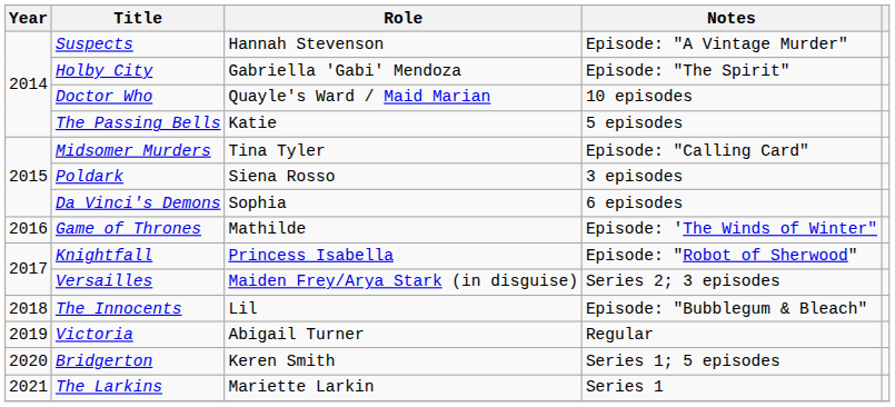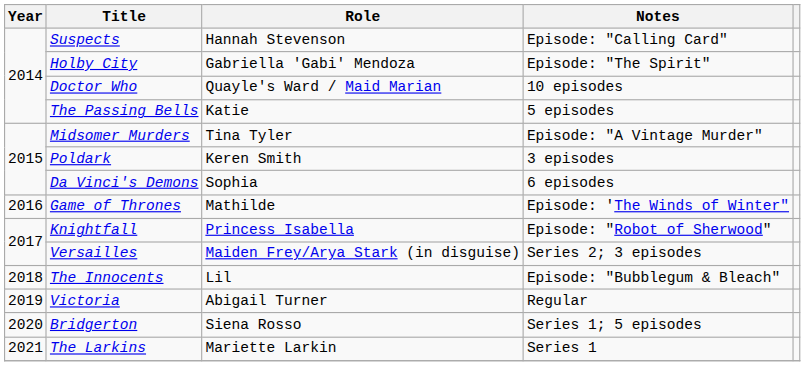 <table class="wikitable sortable">
 <tr>
 <th>Year</th>
 <th>Title</th>
 <th>Role</th>
 <th>Notes</th>
 <th></th>
 </tr>
 <tr>
 <td rowspan="4">2014</td>
 <td><em><a href='#'>Suspects</a></em></td>
 <td>Hannah Stevenson</td>
-<td>Episode: "A Vintage Murder"</td>
+<td>Episode: "Calling Card"</td>
 <td></td>
 </tr>
 <tr>
 <td><em><a href='#'>Holby City</a></em></td>
 <td>Gabriella 'Gabi' Mendoza</td>
 <td>Episode: "The Spirit"</td>
 <td></td>
 </tr>
 <tr>
 <td><em><a href='#'>Doctor Who</a></em></td>
 <td>Quayle's Ward / <a href='#'>Maid Marian</a></td>
 <td>10 episodes</td>
 <td></td>
 </tr>
 <tr>
 <td><em><a href='#'>The Passing Bells</a></em></td>
 <td>Katie</td>
 <td>5 episodes</td>
 <td></td>
 </tr>
 <tr>
 <td rowspan="3">2015</td>
 <td><em><a href='#'>Midsomer Murders</a></em></td>
 <td>Tina Tyler</td>
-<td>Episode: "Calling Card"</td>
+<td>Episode: "A Vintage Murder"</td>
 <td></td>
 </tr>
 <tr>
 <td><em><a href='#'>Poldark</a></em></td>
-<td>Siena Rosso</td>
+<td>Keren Smith</td>
 <td>3 episodes</td>
 <td></td>
 </tr>
 <tr>
 <td><em><a href='#'>Da Vinci's Demons</a></em></td>
 <td>Sophia</td>
 <td>6 episodes</td>
 <td></td>
 </tr>
 <tr>
 <td>2016</td>
 <td><em><a href='#'>Game of Thrones</a></em></td>
 <td>Mathilde</td>
 <td>Episode: '<a href='#'>The Winds of Winter"</a></td>
 <td></td>
 </tr>
 <tr>
 <td rowspan="2">2017</td>
 <td><em><a href='#'>Knightfall</a></em></td>
 <td><a href='#'>Princess Isabella</a></td>
 <td>Episode: "<a href='#'>Robot of Sherwood</a>"</td>
 <td></td>
 </tr>
 <tr>
 <td><em><a href='#'>Versailles</a></em></td>
 <td><a href='#'>Maiden Frey/Arya Stark</a> (in disguise)</td>
 <td>Series 2; 3 episodes</td>
 <td></td>
 </tr>
 <tr>
 <td>2018</td>
 <td><em><a href='#'>The Innocents</a></em></td>
 <td>Lil</td>
 <td>Episode: "Bubblegum & Bleach"</td>
 <td></td>
 </tr>
 <tr>
 <td>2019</td>
 <td><em><a href='#'>Victoria</a></em></td>
 <td>Abigail Turner</td>
 <td>Regular</td>
 <td></td>
 </tr>
 <tr>
 <td>2020</td>
 <td><em><a href='#'>Bridgerton</a></em></td>
-<td>Keren Smith</td>
+<td>Siena Rosso</td>
 <td>Series 1; 5 episodes</td>
 <td></td>
 </tr>
 <tr>
 <td>2021</td>
 <td><em><a href='#'>The Larkins</a></em></td>
 <td>Mariette Larkin</td>
 <td>Series 1</td>
 <td></td>
 </tr>
 <tr>
 </tr>
 </table>
